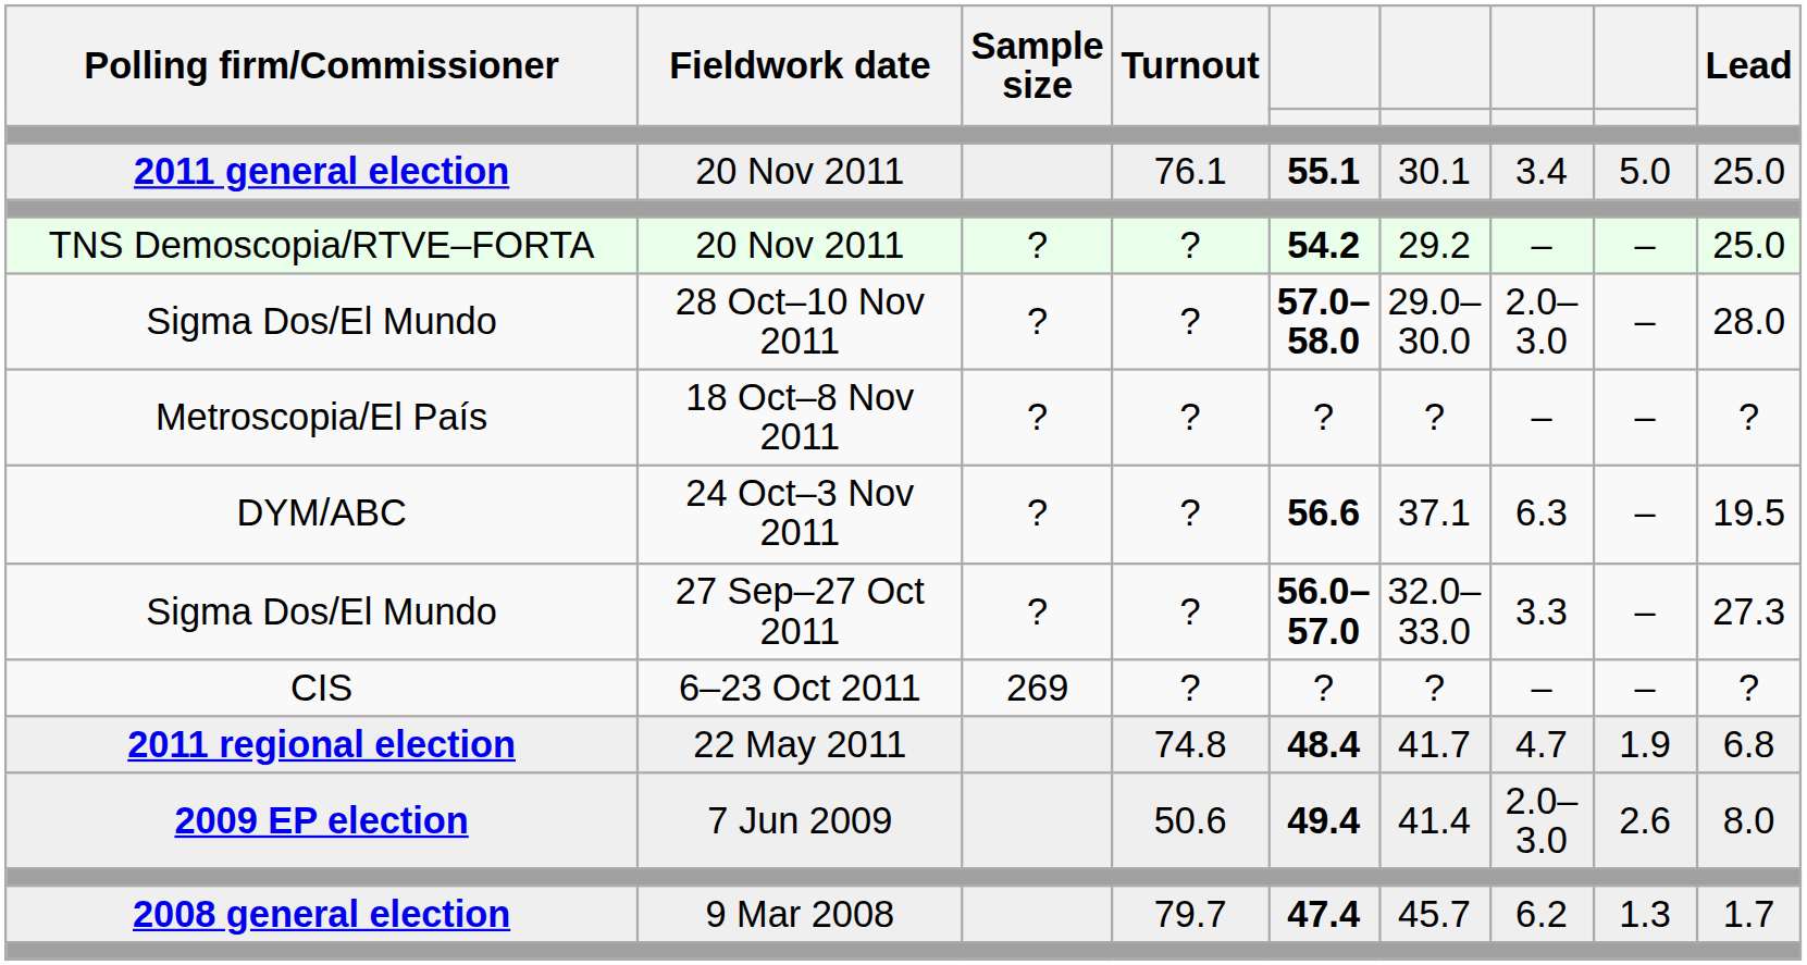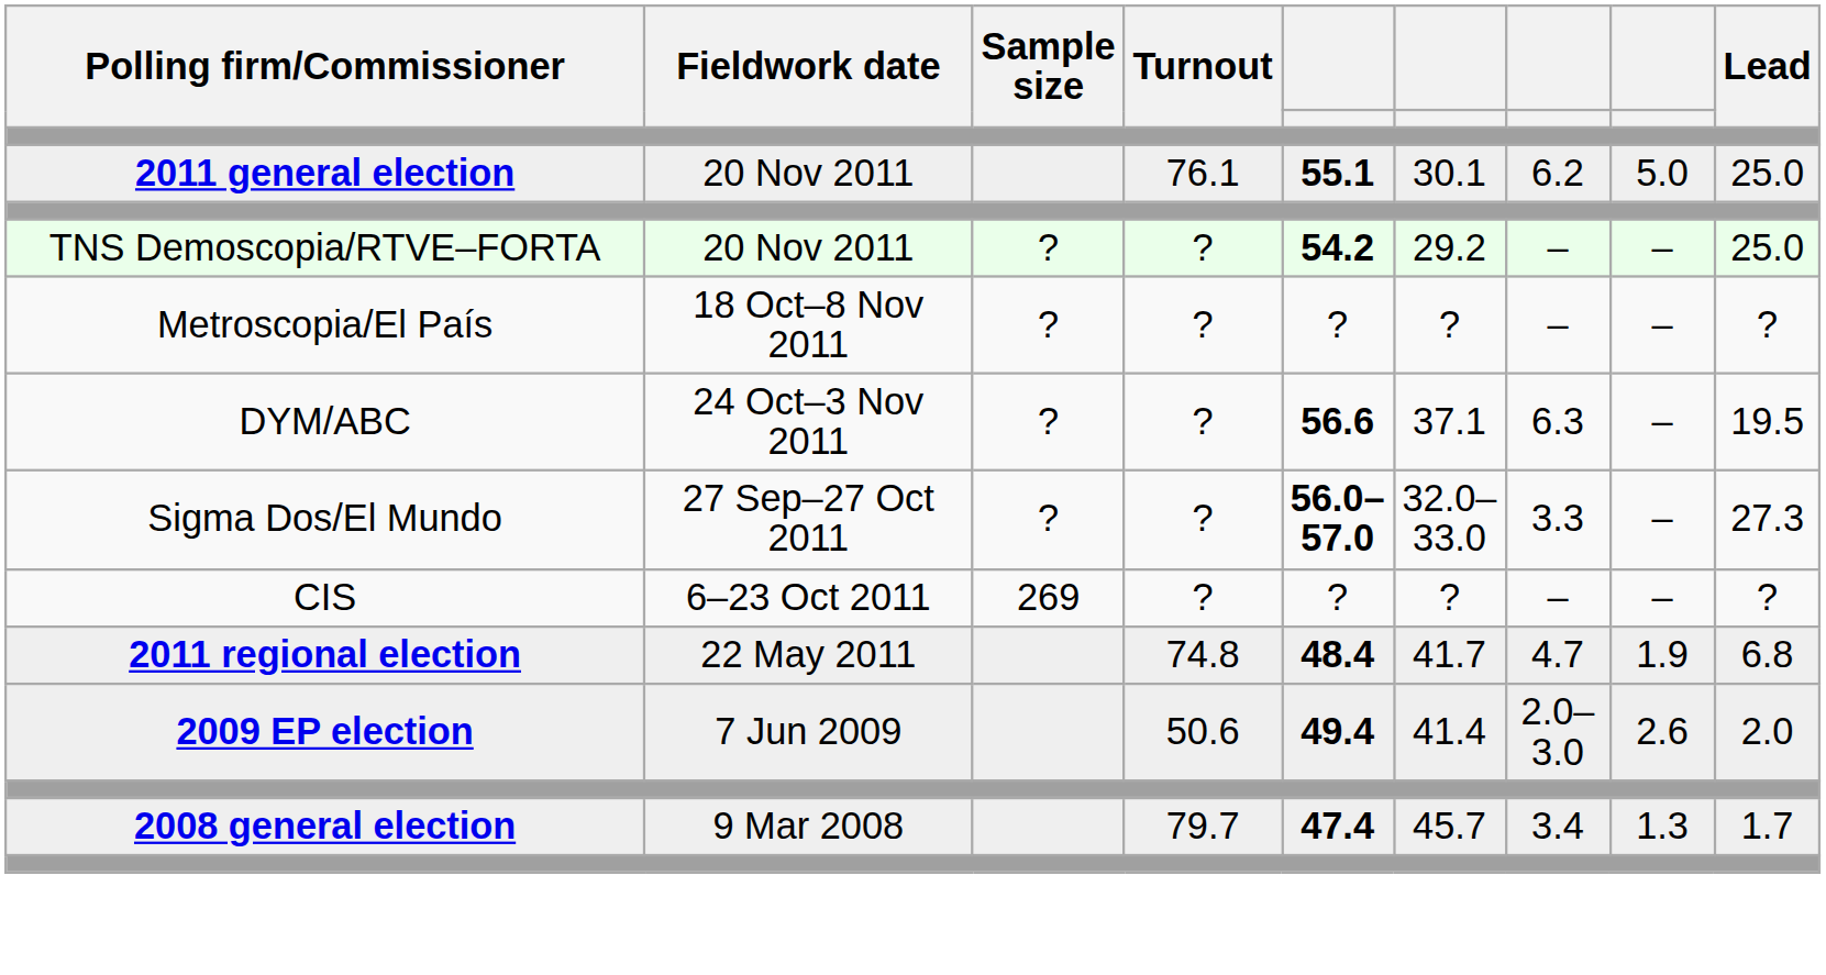 <table class="wikitable collapsible collapsed" style="text-align:center; font-size:95%; line-height:16px;">
 <tr style="height:42px;">
 <th style="width:250px;" rowspan="2">Polling firm/Commissioner</th>
 <th style="width:125px;" rowspan="2">Fieldwork date</th>
 <th style="width:50px;" rowspan="2">Sample size</th>
 <th style="width:45px;" rowspan="2">Turnout</th>
 <th style="width:35px;"></th>
 <th style="width:35px;"></th>
 <th style="width:35px;"></th>
 <th style="width:35px;"></th>
 <th style="width:30px;" rowspan="2">Lead</th>
 </tr>
 <tr>
 <th style="color:inherit;background:"></th>
 <th style="color:inherit;background:"></th>
 <th style="color:inherit;background:"></th>
 <th style="color:inherit;background:"></th>
 </tr>
 <tr>
 <td colspan="9" style="background:#A0A0A0"></td>
 </tr>
 <tr style="background:#EFEFEF;">
 <td><strong><a href='#'>2011 general election</a></strong></td>
 <td>20 Nov 2011</td>
 <td></td>
 <td>76.1</td>
 <td><strong>55.1</strong><br></td>
 <td>30.1<br></td>
-<td>3.4<br></td>
+<td>6.2<br></td>
 <td>5.0<br></td>
 <td style="background:">25.0</td>
 </tr>
 <tr>
 <td colspan="9" style="background:#A0A0A0"></td>
 </tr>
 <tr style="background:#EAFFEA;">
 <td>TNS Demoscopia/RTVE–FORTA</td>
 <td>20 Nov 2011</td>
 <td>?</td>
 <td>?</td>
 <td><strong>54.2</strong><br></td>
 <td>29.2<br></td>
 <td>–</td>
 <td>–</td>
 <td style="background:">25.0</td>
-</tr>
-<tr>
-<td>Sigma Dos/El Mundo</td>
-<td>28 Oct–10 Nov 2011</td>
-<td>?</td>
-<td>?</td>
-<td><strong>57.0–<br>58.0</strong><br></td>
-<td>29.0–<br>30.0<br></td>
-<td>2.0–<br>3.0<br></td>
-<td>–</td>
-<td style="background:">28.0</td>
 </tr>
 <tr>
 <td>Metroscopia/El País</td>
 <td>18 Oct–8 Nov 2011</td>
 <td>?</td>
 <td>?</td>
 <td>?<br></td>
 <td>?<br></td>
 <td>–</td>
 <td>–</td>
 <td style="background:">?</td>
 </tr>
 <tr>
 <td>DYM/ABC</td>
 <td>24 Oct–3 Nov 2011</td>
 <td>?</td>
 <td>?</td>
 <td><strong>56.6</strong><br></td>
 <td>37.1<br></td>
 <td>6.3<br></td>
 <td>–</td>
 <td style="background:">19.5</td>
 </tr>
 <tr>
 <td>Sigma Dos/El Mundo</td>
 <td>27 Sep–27 Oct 2011</td>
 <td>?</td>
 <td>?</td>
 <td><strong>56.0–<br>57.0</strong><br></td>
 <td>32.0–<br>33.0<br></td>
 <td>3.3<br></td>
 <td>–</td>
 <td style="background:">27.3</td>
 </tr>
 <tr>
 <td>CIS</td>
 <td>6–23 Oct 2011</td>
 <td>269</td>
 <td>?</td>
 <td>?<br></td>
 <td>?<br></td>
 <td>–</td>
 <td>–</td>
 <td style="background:">?</td>
 </tr>
 <tr style="background:#EFEFEF;">
 <td><strong><a href='#'>2011 regional election</a></strong></td>
 <td>22 May 2011</td>
 <td></td>
 <td>74.8</td>
 <td><strong>48.4</strong><br></td>
 <td>41.7<br></td>
 <td>4.7<br></td>
 <td>1.9<br></td>
 <td style="background:">6.8</td>
 </tr>
 <tr style="background:#EFEFEF;">
 <td><strong><a href='#'>2009 EP election</a></strong></td>
 <td>7 Jun 2009</td>
 <td></td>
 <td>50.6</td>
 <td><strong>49.4</strong><br></td>
 <td>41.4<br></td>
 <td>2.0–<br>3.0<br></td>
 <td>2.6<br></td>
-<td style="background:">8.0</td>
+<td style="background:">2.0</td>
 </tr>
 <tr>
 <td colspan="9" style="background:#A0A0A0"></td>
 </tr>
 <tr style="background:#EFEFEF;">
 <td><strong><a href='#'>2008 general election</a></strong></td>
 <td>9 Mar 2008</td>
 <td></td>
 <td>79.7</td>
 <td><strong>47.4</strong><br></td>
 <td>45.7<br></td>
-<td>6.2<br></td>
+<td>3.4<br></td>
 <td>1.3<br></td>
 <td style="background:">1.7</td>
 </tr>
 <tr>
 <td colspan="9" style="background:#A0A0A0"></td>
 </tr>
 </table>
